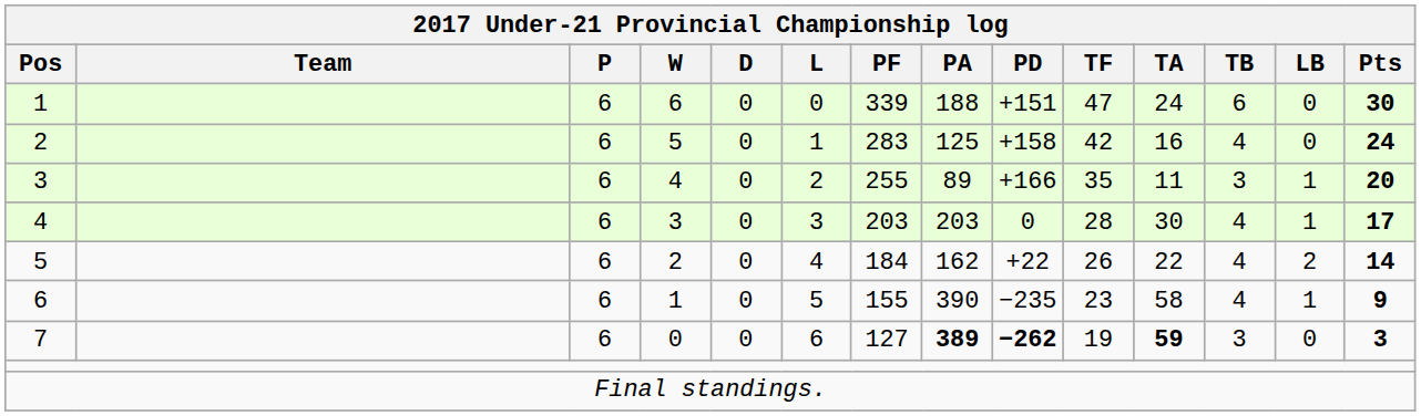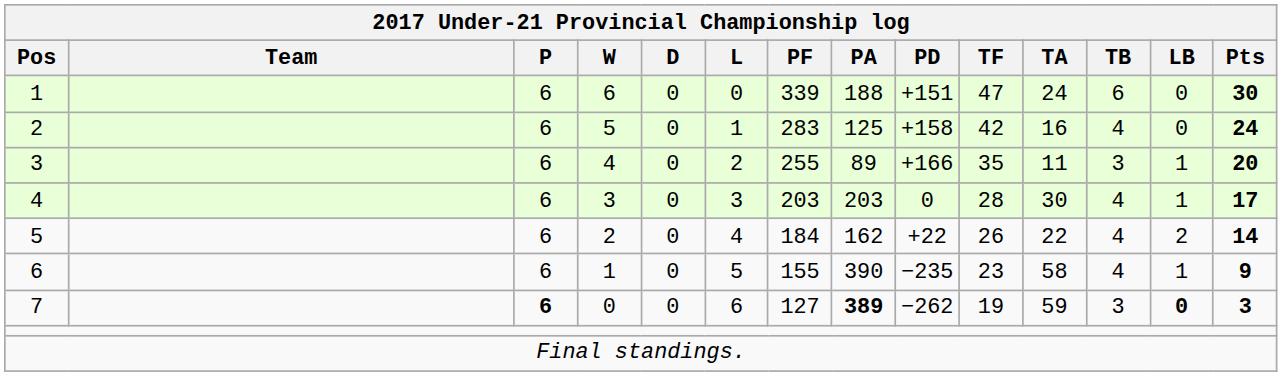 <table class="wikitable" style="text-align:center; font-size:100%; width:60%;">
 <tr>
 <th colspan="100%" cellpadding="0" cellspacing="0"><strong>2017 Under-21 Provincial Championship log</strong></th>
 </tr>
 <tr>
 <th style="width:5%;">Pos</th>
 <th style="width:35%;">Team</th>
 <th style="width:5%;">P</th>
 <th style="width:5%;">W</th>
 <th style="width:5%;">D</th>
 <th style="width:5%;">L</th>
 <th style="width:5%;">PF</th>
 <th style="width:5%;">PA</th>
 <th style="width:5%;">PD</th>
 <th style="width:5%;">TF</th>
 <th style="width:5%;">TA</th>
 <th style="width:5%;">TB</th>
 <th style="width:5%;">LB</th>
 <th style="width:5%;">Pts<br></th>
 </tr>
 <tr style="background:#E8FFD8;">
 <td>1</td>
 <td style="text-align:left;"></td>
 <td>6</td>
 <td>6</td>
 <td>0</td>
 <td>0</td>
 <td>339</td>
 <td>188</td>
 <td>+151</td>
 <td>47</td>
 <td>24</td>
 <td>6</td>
 <td>0</td>
 <td><strong>30</strong></td>
 </tr>
 <tr style="background:#E8FFD8;">
 <td>2</td>
 <td style="text-align:left;"></td>
 <td>6</td>
 <td>5</td>
 <td>0</td>
 <td>1</td>
 <td>283</td>
 <td>125</td>
 <td>+158</td>
 <td>42</td>
 <td>16</td>
 <td>4</td>
 <td>0</td>
 <td><strong>24</strong></td>
 </tr>
 <tr style="background:#E8FFD8;">
 <td>3</td>
 <td style="text-align:left;"></td>
 <td>6</td>
 <td>4</td>
 <td>0</td>
 <td>2</td>
 <td>255</td>
 <td>89</td>
 <td>+166</td>
 <td>35</td>
 <td>11</td>
 <td>3</td>
 <td>1</td>
 <td><strong>20</strong></td>
 </tr>
 <tr style="background:#E8FFD8;">
 <td>4</td>
 <td style="text-align:left;"></td>
 <td>6</td>
 <td>3</td>
 <td>0</td>
 <td>3</td>
 <td>203</td>
 <td>203</td>
 <td>0</td>
 <td>28</td>
 <td>30</td>
 <td>4</td>
 <td>1</td>
 <td><strong>17</strong></td>
 </tr>
 <tr>
 <td>5</td>
 <td style="text-align:left;"></td>
 <td>6</td>
 <td>2</td>
 <td>0</td>
 <td>4</td>
 <td>184</td>
 <td>162</td>
 <td>+22</td>
 <td>26</td>
 <td>22</td>
 <td>4</td>
 <td>2</td>
 <td><strong>14</strong></td>
 </tr>
 <tr>
 <td>6</td>
 <td style="text-align:left;"></td>
 <td>6</td>
 <td>1</td>
 <td>0</td>
 <td>5</td>
 <td>155</td>
 <td>390</td>
 <td>−235</td>
 <td>23</td>
 <td>58</td>
 <td>4</td>
 <td>1</td>
 <td><strong>9</strong></td>
 </tr>
 <tr>
 <td>7</td>
 <td style="text-align:left;"></td>
-<td>6</td>
+<td><strong>6</strong></td>
 <td>0</td>
 <td>0</td>
 <td>6</td>
 <td>127</td>
 <td><strong>389</strong></td>
-<td><strong>−262</strong></td>
+<td>−262</td>
 <td>19</td>
-<td><strong>59</strong></td>
+<td>59</td>
 <td>3</td>
-<td>0</td>
+<td><strong>0</strong></td>
 <td><strong>3</strong></td>
 </tr>
 <tr>
 <td colspan="100%" cellpadding="0" cellspacing="0"></td>
 </tr>
 <tr>
 <td colspan="100%" cellpadding="0" cellspacing="0"><em>Final standings.</em></td>
 </tr>
 </table>
